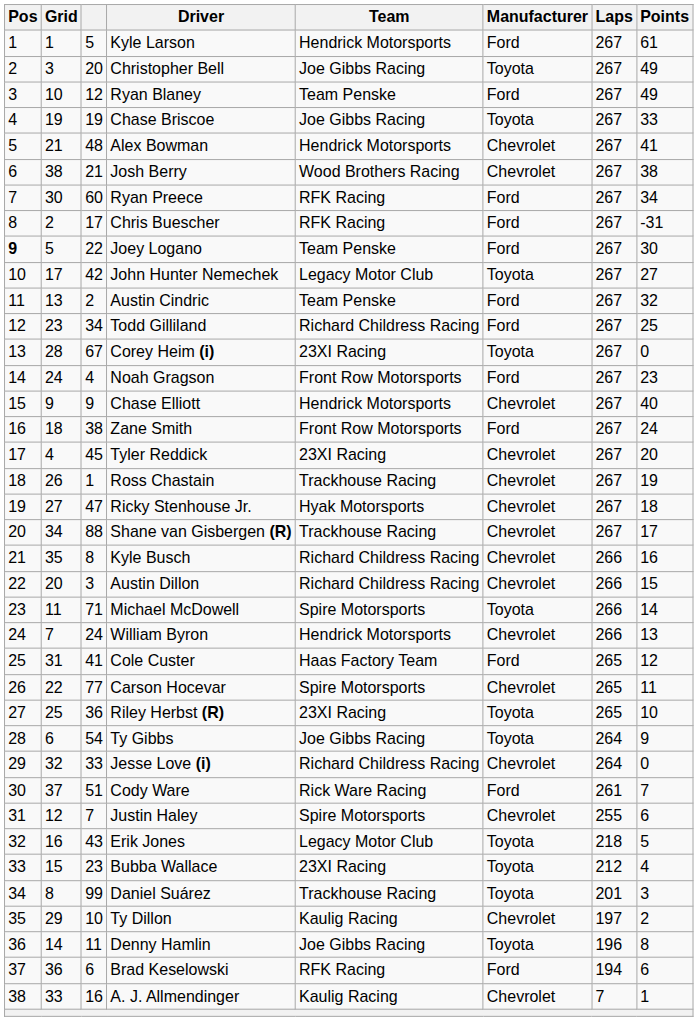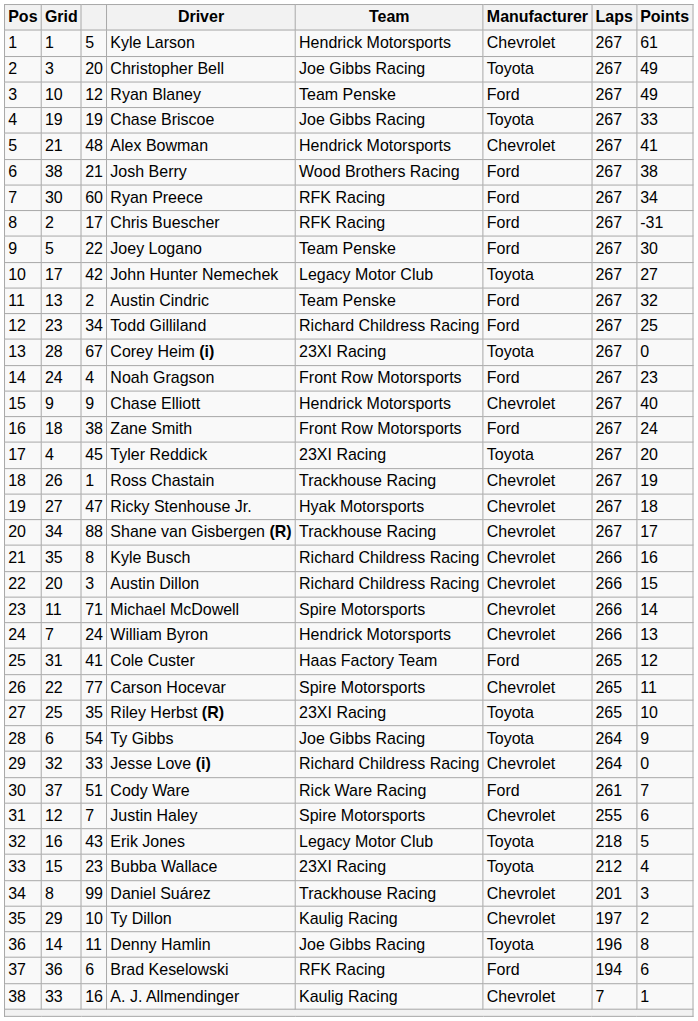 <table class="wikitable" style="font-size:98%">
 <tr>
 <th>Pos</th>
 <th>Grid</th>
 <th></th>
 <th>Driver</th>
 <th>Team</th>
 <th>Manufacturer</th>
 <th>Laps</th>
 <th>Points</th>
 </tr>
 <tr>
 <td>1</td>
 <td>1</td>
 <td>5</td>
 <td>Kyle Larson</td>
 <td>Hendrick Motorsports</td>
-<td>Ford</td>
+<td>Chevrolet</td>
 <td>267</td>
 <td>61</td>
 </tr>
 <tr>
 <td>2</td>
 <td>3</td>
 <td>20</td>
 <td>Christopher Bell</td>
 <td>Joe Gibbs Racing</td>
 <td>Toyota</td>
 <td>267</td>
 <td>49</td>
 </tr>
 <tr>
 <td>3</td>
 <td>10</td>
 <td>12</td>
 <td>Ryan Blaney</td>
 <td>Team Penske</td>
 <td>Ford</td>
 <td>267</td>
 <td>49</td>
 </tr>
 <tr>
 <td>4</td>
 <td>19</td>
 <td>19</td>
 <td>Chase Briscoe</td>
 <td>Joe Gibbs Racing</td>
 <td>Toyota</td>
 <td>267</td>
 <td>33</td>
 </tr>
 <tr>
 <td>5</td>
 <td>21</td>
 <td>48</td>
 <td>Alex Bowman</td>
 <td>Hendrick Motorsports</td>
 <td>Chevrolet</td>
 <td>267</td>
 <td>41</td>
 </tr>
 <tr>
 <td>6</td>
 <td>38</td>
 <td>21</td>
 <td>Josh Berry</td>
 <td>Wood Brothers Racing</td>
-<td>Chevrolet</td>
+<td>Ford</td>
 <td>267</td>
 <td>38</td>
 </tr>
 <tr>
 <td>7</td>
 <td>30</td>
 <td>60</td>
 <td>Ryan Preece</td>
 <td>RFK Racing</td>
 <td>Ford</td>
 <td>267</td>
 <td>34</td>
 </tr>
 <tr>
 <td>8</td>
 <td>2</td>
 <td>17</td>
 <td>Chris Buescher</td>
 <td>RFK Racing</td>
 <td>Ford</td>
 <td>267</td>
 <td>-31</td>
 </tr>
 <tr>
-<td><strong>9</strong></td>
+<td>9</td>
 <td>5</td>
 <td>22</td>
 <td>Joey Logano</td>
 <td>Team Penske</td>
 <td>Ford</td>
 <td>267</td>
 <td>30</td>
 </tr>
 <tr>
 <td>10</td>
 <td>17</td>
 <td>42</td>
 <td>John Hunter Nemechek</td>
 <td>Legacy Motor Club</td>
 <td>Toyota</td>
 <td>267</td>
 <td>27</td>
 </tr>
 <tr>
 <td>11</td>
 <td>13</td>
 <td>2</td>
 <td>Austin Cindric</td>
 <td>Team Penske</td>
 <td>Ford</td>
 <td>267</td>
 <td>32</td>
 </tr>
 <tr>
 <td>12</td>
 <td>23</td>
 <td>34</td>
 <td>Todd Gilliland</td>
 <td>Richard Childress Racing</td>
 <td>Ford</td>
 <td>267</td>
 <td>25</td>
 </tr>
 <tr>
 <td>13</td>
 <td>28</td>
 <td>67</td>
 <td>Corey Heim <strong>(i)</strong></td>
 <td>23XI Racing</td>
 <td>Toyota</td>
 <td>267</td>
 <td>0</td>
 </tr>
 <tr>
 <td>14</td>
 <td>24</td>
 <td>4</td>
 <td>Noah Gragson</td>
 <td>Front Row Motorsports</td>
 <td>Ford</td>
 <td>267</td>
 <td>23</td>
 </tr>
 <tr>
 <td>15</td>
 <td>9</td>
 <td>9</td>
 <td>Chase Elliott</td>
 <td>Hendrick Motorsports</td>
 <td>Chevrolet</td>
 <td>267</td>
 <td>40</td>
 </tr>
 <tr>
 <td>16</td>
 <td>18</td>
 <td>38</td>
 <td>Zane Smith</td>
 <td>Front Row Motorsports</td>
 <td>Ford</td>
 <td>267</td>
 <td>24</td>
 </tr>
 <tr>
 <td>17</td>
 <td>4</td>
 <td>45</td>
 <td>Tyler Reddick</td>
 <td>23XI Racing</td>
-<td>Chevrolet</td>
+<td>Toyota</td>
 <td>267</td>
 <td>20</td>
 </tr>
 <tr>
 <td>18</td>
 <td>26</td>
 <td>1</td>
 <td>Ross Chastain</td>
 <td>Trackhouse Racing</td>
 <td>Chevrolet</td>
 <td>267</td>
 <td>19</td>
 </tr>
 <tr>
 <td>19</td>
 <td>27</td>
 <td>47</td>
 <td>Ricky Stenhouse Jr.</td>
 <td>Hyak Motorsports</td>
 <td>Chevrolet</td>
 <td>267</td>
 <td>18</td>
 </tr>
 <tr>
 <td>20</td>
 <td>34</td>
 <td>88</td>
 <td>Shane van Gisbergen <strong>(R)</strong></td>
 <td>Trackhouse Racing</td>
 <td>Chevrolet</td>
 <td>267</td>
 <td>17</td>
 </tr>
 <tr>
 <td>21</td>
 <td>35</td>
 <td>8</td>
 <td>Kyle Busch</td>
 <td>Richard Childress Racing</td>
 <td>Chevrolet</td>
 <td>266</td>
 <td>16</td>
 </tr>
 <tr>
 <td>22</td>
 <td>20</td>
 <td>3</td>
 <td>Austin Dillon</td>
 <td>Richard Childress Racing</td>
 <td>Chevrolet</td>
 <td>266</td>
 <td>15</td>
 </tr>
 <tr>
 <td>23</td>
 <td>11</td>
 <td>71</td>
 <td>Michael McDowell</td>
 <td>Spire Motorsports</td>
-<td>Toyota</td>
+<td>Chevrolet</td>
 <td>266</td>
 <td>14</td>
 </tr>
 <tr>
 <td>24</td>
 <td>7</td>
 <td>24</td>
 <td>William Byron</td>
 <td>Hendrick Motorsports</td>
 <td>Chevrolet</td>
 <td>266</td>
 <td>13</td>
 </tr>
 <tr>
 <td>25</td>
 <td>31</td>
 <td>41</td>
 <td>Cole Custer</td>
 <td>Haas Factory Team</td>
 <td>Ford</td>
 <td>265</td>
 <td>12</td>
 </tr>
 <tr>
 <td>26</td>
 <td>22</td>
 <td>77</td>
 <td>Carson Hocevar</td>
 <td>Spire Motorsports</td>
 <td>Chevrolet</td>
 <td>265</td>
 <td>11</td>
 </tr>
 <tr>
 <td>27</td>
 <td>25</td>
-<td>36</td>
+<td>35</td>
 <td>Riley Herbst <strong>(R)</strong></td>
 <td>23XI Racing</td>
 <td>Toyota</td>
 <td>265</td>
 <td>10</td>
 </tr>
 <tr>
 <td>28</td>
 <td>6</td>
 <td>54</td>
 <td>Ty Gibbs</td>
 <td>Joe Gibbs Racing</td>
 <td>Toyota</td>
 <td>264</td>
 <td>9</td>
 </tr>
 <tr>
 <td>29</td>
 <td>32</td>
 <td>33</td>
 <td>Jesse Love <strong>(i)</strong></td>
 <td>Richard Childress Racing</td>
 <td>Chevrolet</td>
 <td>264</td>
 <td>0</td>
 </tr>
 <tr>
 <td>30</td>
 <td>37</td>
 <td>51</td>
 <td>Cody Ware</td>
 <td>Rick Ware Racing</td>
 <td>Ford</td>
 <td>261</td>
 <td>7</td>
 </tr>
 <tr>
 <td>31</td>
 <td>12</td>
 <td>7</td>
 <td>Justin Haley</td>
 <td>Spire Motorsports</td>
 <td>Chevrolet</td>
 <td>255</td>
 <td>6</td>
 </tr>
 <tr>
 <td>32</td>
 <td>16</td>
 <td>43</td>
 <td>Erik Jones</td>
 <td>Legacy Motor Club</td>
 <td>Toyota</td>
 <td>218</td>
 <td>5</td>
 </tr>
 <tr>
 <td>33</td>
 <td>15</td>
 <td>23</td>
 <td>Bubba Wallace</td>
 <td>23XI Racing</td>
 <td>Toyota</td>
 <td>212</td>
 <td>4</td>
 </tr>
 <tr>
 <td>34</td>
 <td>8</td>
 <td>99</td>
 <td>Daniel Suárez</td>
 <td>Trackhouse Racing</td>
-<td>Toyota</td>
+<td>Chevrolet</td>
 <td>201</td>
 <td>3</td>
 </tr>
 <tr>
 <td>35</td>
 <td>29</td>
 <td>10</td>
 <td>Ty Dillon</td>
 <td>Kaulig Racing</td>
 <td>Chevrolet</td>
 <td>197</td>
 <td>2</td>
 </tr>
 <tr>
 <td>36</td>
 <td>14</td>
 <td>11</td>
 <td>Denny Hamlin</td>
 <td>Joe Gibbs Racing</td>
 <td>Toyota</td>
 <td>196</td>
 <td>8</td>
 </tr>
 <tr>
 <td>37</td>
 <td>36</td>
 <td>6</td>
 <td>Brad Keselowski</td>
 <td>RFK Racing</td>
 <td>Ford</td>
 <td>194</td>
 <td>6</td>
 </tr>
 <tr>
 <td>38</td>
 <td>33</td>
 <td>16</td>
 <td>A. J. Allmendinger</td>
 <td>Kaulig Racing</td>
 <td>Chevrolet</td>
 <td>7</td>
 <td>1</td>
 </tr>
 <tr>
 <th colspan="8"></th>
 </tr>
 </table>
